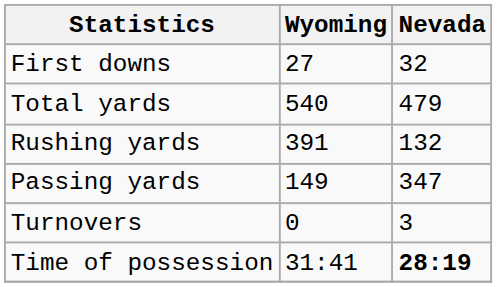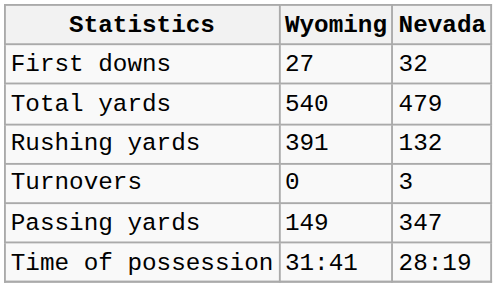 <table class="wikitable">
 <tr>
 <th>Statistics</th>
 <th>Wyoming</th>
 <th>Nevada</th>
 </tr>
 <tr>
 <td>First downs</td>
 <td>27</td>
 <td>32</td>
 </tr>
 <tr>
 <td>Total yards</td>
 <td>540</td>
 <td>479</td>
 </tr>
 <tr>
 <td>Rushing yards</td>
 <td>391</td>
 <td>132</td>
 </tr>
 <tr>
+<td>Turnovers</td>
+<td>0</td>
+<td>3</td>
+</tr>
+<tr>
 <td>Passing yards</td>
 <td>149</td>
 <td>347</td>
 </tr>
 <tr>
-<td>Turnovers</td>
-<td>0</td>
-<td>3</td>
-</tr>
-<tr>
 <td>Time of possession</td>
 <td>31:41</td>
-<td><strong>28:19</strong></td>
+<td>28:19</td>
 </tr>
 <tr>
 </tr>
 </table>
